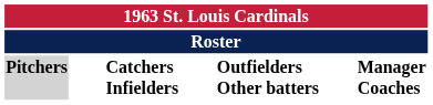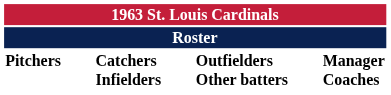 <table class="toccolours" style="font-size: 95%;">
 <tr>
 <th colspan="10" style="background-color: #c41e3a; color: white; text-align: center;">1963 St. Louis Cardinals</th>
 </tr>
 <tr>
 <td colspan="10" style="background-color: #0a2252; color: white; text-align: center;"><strong>Roster</strong></td>
 </tr>
 <tr>
-<td valign="top" style="background: lightgrey;"><strong>Pitchers</strong><br>              </td>
+<td valign="top"><strong>Pitchers</strong><br>              </td>
 <td width="25px"></td>
 <td valign="top"><strong>Catchers</strong><br>     <strong>Infielders</strong>         </td>
 <td width="25px"></td>
 <td valign="top"><strong>Outfielders</strong><br>          <strong>Other batters</strong>   </td>
 <td width="25px"></td>
 <td valign="top"><strong>Manager</strong><br> <strong>Coaches</strong>    </td>
 </tr>
 </table>
